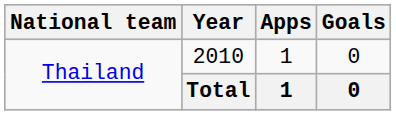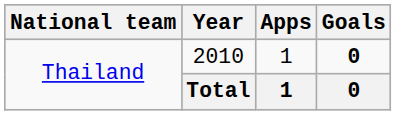 <table class="wikitable" style="text-align:center">
 <tr>
 <th>National team</th>
 <th>Year</th>
 <th>Apps</th>
 <th>Goals</th>
 </tr>
 <tr>
 <td rowspan="5" valign="center"><a href='#'>Thailand</a></td>
 <td>2010</td>
 <td>1</td>
-<td>0</td>
+<td><strong>0</strong></td>
 </tr>
 <tr>
 <th>Total</th>
 <th>1</th>
 <th>0</th>
 </tr>
 </table>
